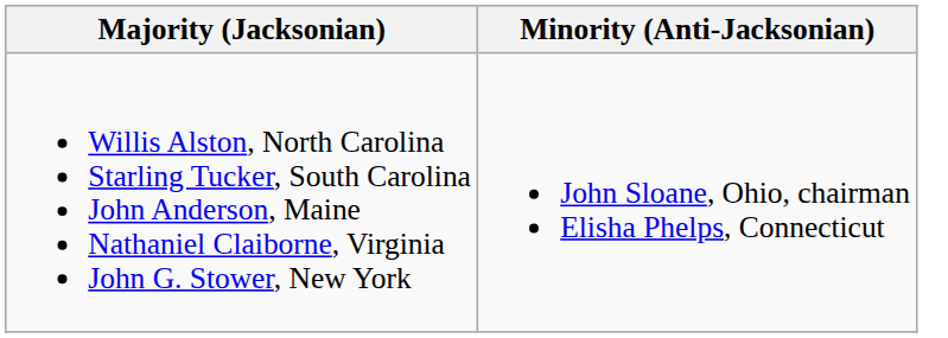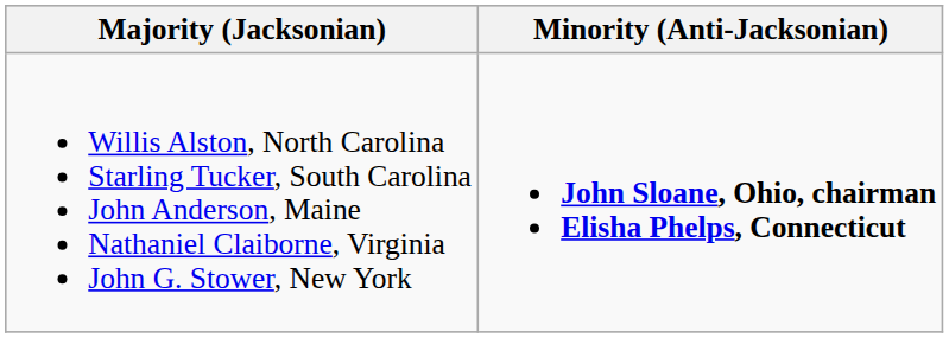 <table class=wikitable>
 <tr>
 <th>Majority (Jacksonian)</th>
 <th>Minority (Anti-Jacksonian)</th>
 </tr>
 <tr>
 <td><br><ul><li><a href='#'>Willis Alston</a>, North Carolina</li><li><a href='#'>Starling Tucker</a>, South Carolina</li><li><a href='#'>John Anderson</a>, Maine</li><li><a href='#'>Nathaniel Claiborne</a>, Virginia</li><li><a href='#'>John G. Stower</a>, New York</li></ul></td>
-<td><br><ul><li><a href='#'>John Sloane</a>, Ohio, chairman</li><li><a href='#'>Elisha Phelps</a>, Connecticut</li></ul></td>
+<td><strong><br><ul><li><a href='#'>John Sloane</a>, Ohio, chairman</li><li><a href='#'>Elisha Phelps</a>, Connecticut</li></ul></strong></td>
 </tr>
 </table>
